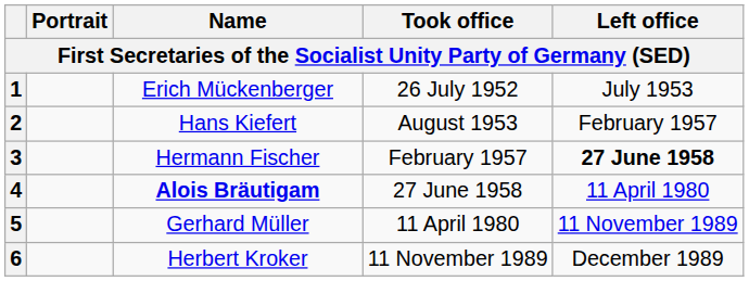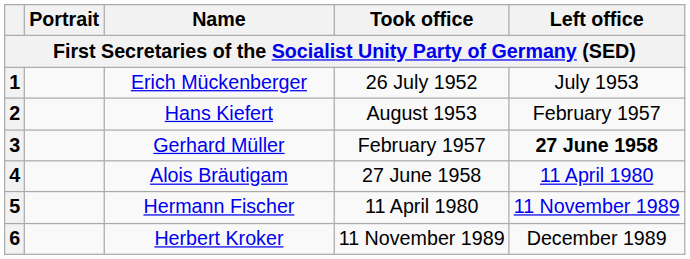 <table class="wikitable" style="text-align:center">
 <tr>
 <th></th>
 <th>Portrait</th>
 <th width=180>Name<br></th>
 <th>Took office</th>
 <th>Left office</th>
 </tr>
 <tr>
 <th colspan=5>First Secretaries of the <a href='#'>Socialist Unity Party of Germany</a> (SED)</th>
 </tr>
 <tr>
 <th style="background:">1</th>
 <td></td>
 <td><a href='#'>Erich Mückenberger</a><br></td>
 <td>26 July 1952</td>
 <td>July 1953<br></td>
 </tr>
 <tr>
 <th style="background:">2</th>
 <td></td>
 <td><a href='#'>Hans Kiefert</a><br></td>
 <td>August 1953</td>
 <td>February 1957<br></td>
 </tr>
 <tr>
 <th style="background:">3</th>
 <td></td>
-<td><a href='#'>Hermann Fischer</a><br></td>
+<td><a href='#'>Gerhard Müller</a><br></td>
 <td>February 1957</td>
 <td><strong>27 June 1958<br></strong></td>
 </tr>
 <tr>
 <th style="background:">4</th>
 <td></td>
-<td><strong><a href='#'>Alois Bräutigam</a><br></strong></td>
+<td><a href='#'>Alois Bräutigam</a><br></td>
 <td>27 June 1958</td>
 <td><a href='#'>11 April 1980<br></a></td>
 </tr>
 <tr>
 <th style="background:">5</th>
 <td></td>
-<td><a href='#'>Gerhard Müller</a><br></td>
+<td><a href='#'>Hermann Fischer</a><br></td>
 <td>11 April 1980</td>
 <td><a href='#'>11 November 1989<br></a></td>
 </tr>
 <tr>
 <th style="background:">6</th>
 <td></td>
 <td><a href='#'>Herbert Kroker</a><br></td>
 <td>11 November 1989</td>
 <td>December 1989</td>
 </tr>
 </table>
